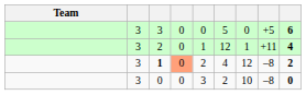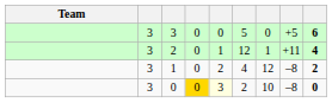 <table class="wikitable" style="text-align:center">
 <tr>
 <th width=175>Team</th>
 <th width=25></th>
 <th width=25></th>
 <th width=25></th>
 <th width=25></th>
 <th width=25></th>
 <th width=25></th>
 <th width=25></th>
 <th width=25></th>
 </tr>
 <tr align=center bgcolor=#ccffcc>
 <td align=left></td>
 <td>3</td>
 <td>3</td>
 <td>0</td>
 <td>0</td>
 <td>5</td>
 <td>0</td>
 <td>+5</td>
 <td><strong>6</strong></td>
 </tr>
 <tr align=center bgcolor=#ccffcc>
 <td align=left></td>
 <td>3</td>
 <td>2</td>
 <td>0</td>
 <td>1</td>
 <td>12</td>
 <td>1</td>
 <td>+11</td>
 <td><strong>4</strong></td>
 </tr>
 <tr>
 <td align=left></td>
 <td>3</td>
-<td><strong>1</strong></td>
-<td style="background: lightsalmon;">0</td>
+<td>1</td>
+<td>0</td>
 <td>2</td>
 <td>4</td>
 <td>12</td>
 <td>–8</td>
 <td><strong>2</strong></td>
 </tr>
 <tr>
 <td align=left></td>
 <td>3</td>
 <td>0</td>
-<td>0</td>
-<td>3</td>
+<td style="background: gold;">0</td>
+<td style="background: lightyellow;">3</td>
 <td>2</td>
 <td>10</td>
 <td>–8</td>
 <td><strong>0</strong></td>
 </tr>
 </table>
